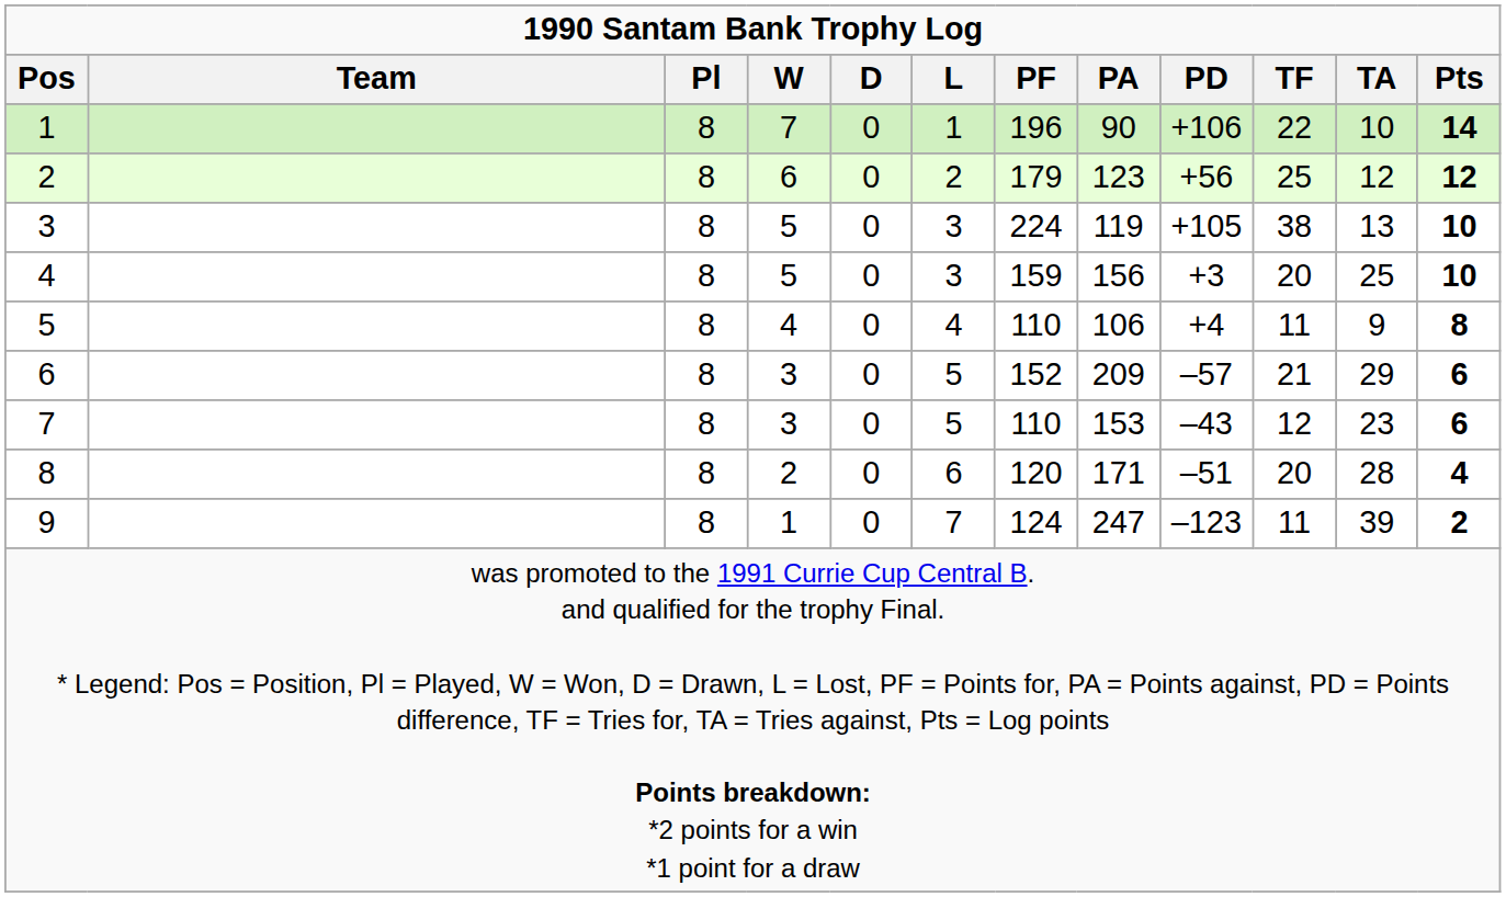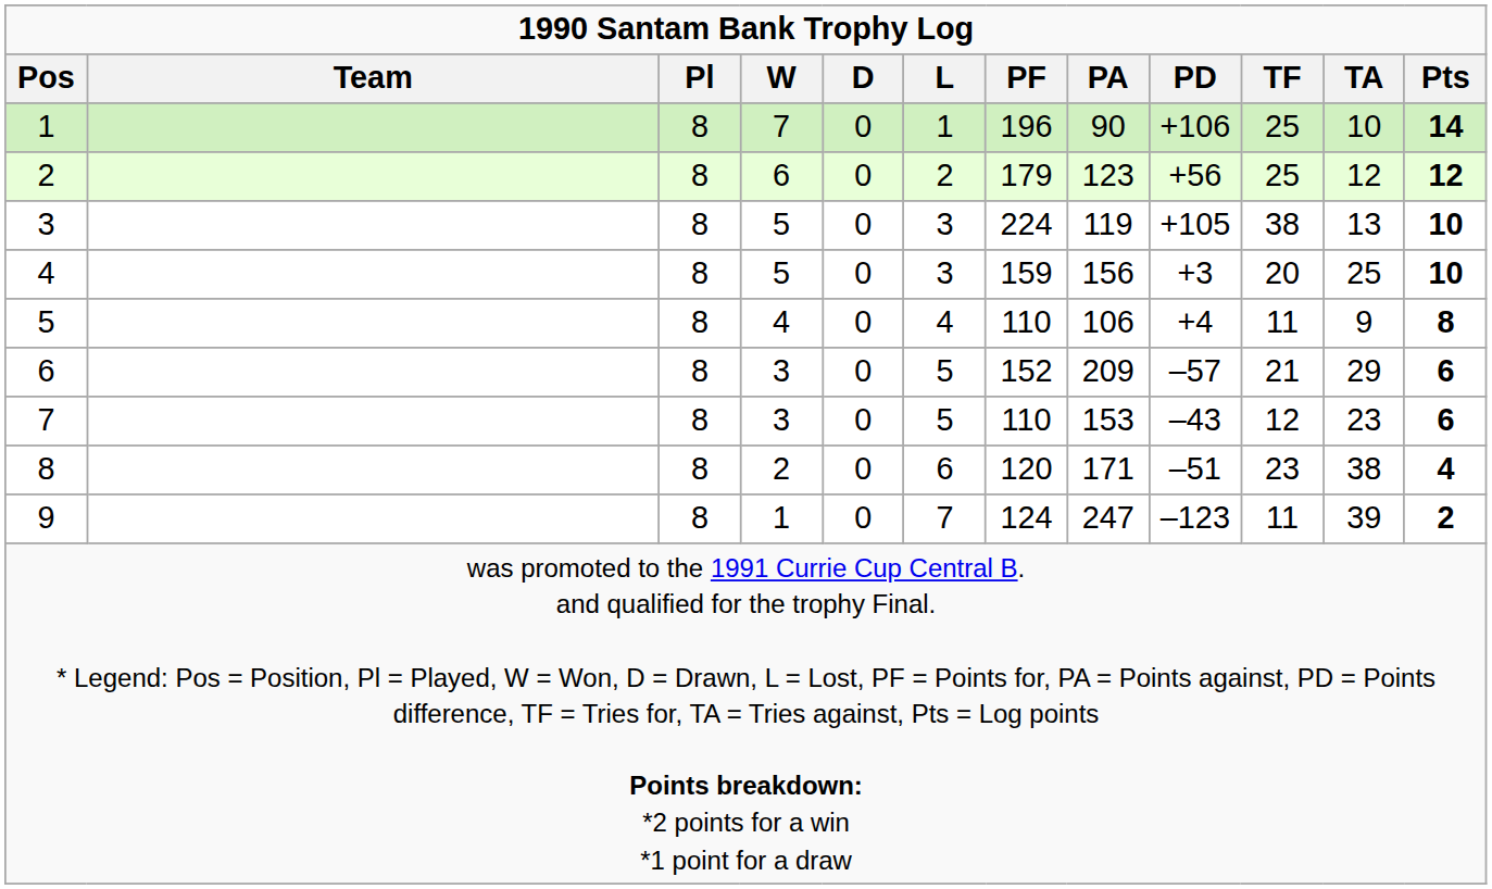 <table class="wikitable" style="text-align:center; line-height:110%; font-size:100%; width:60%;">
 <tr>
 <td colspan="12" cellpadding="0" cellspacing="0"><strong>1990 Santam Bank Trophy Log</strong></td>
 </tr>
 <tr>
 <th style="width:5%;">Pos</th>
 <th style="width:35%;">Team</th>
 <th style="width:5%;">Pl</th>
 <th style="width:5%;">W</th>
 <th style="width:5%;">D</th>
 <th style="width:5%;">L</th>
 <th style="width:5%;">PF</th>
 <th style="width:5%;">PA</th>
 <th style="width:5%;">PD</th>
 <th style="width:5%;">TF</th>
 <th style="width:5%;">TA</th>
 <th style="width:5%;">Pts<br></th>
 </tr>
 <tr bgcolor=#D0F0C0 align=center>
 <td>1</td>
 <td align=left></td>
 <td>8</td>
 <td>7</td>
 <td>0</td>
 <td>1</td>
 <td>196</td>
 <td>90</td>
 <td>+106</td>
-<td>22</td>
+<td>25</td>
 <td>10</td>
 <td><strong>14</strong></td>
 </tr>
 <tr bgcolor=#E8FFD8 align=center>
 <td>2</td>
 <td align=left></td>
 <td>8</td>
 <td>6</td>
 <td>0</td>
 <td>2</td>
 <td>179</td>
 <td>123</td>
 <td>+56</td>
 <td>25</td>
 <td>12</td>
 <td><strong>12</strong></td>
 </tr>
 <tr bgcolor=#FFFFFF align=center>
 <td>3</td>
 <td align=left></td>
 <td>8</td>
 <td>5</td>
 <td>0</td>
 <td>3</td>
 <td>224</td>
 <td>119</td>
 <td>+105</td>
 <td>38</td>
 <td>13</td>
 <td><strong>10</strong></td>
 </tr>
 <tr bgcolor=#FFFFFF align=center>
 <td>4</td>
 <td align=left></td>
 <td>8</td>
 <td>5</td>
 <td>0</td>
 <td>3</td>
 <td>159</td>
 <td>156</td>
 <td>+3</td>
 <td>20</td>
 <td>25</td>
 <td><strong>10</strong></td>
 </tr>
 <tr bgcolor=#FFFFFF align=center>
 <td>5</td>
 <td align=left></td>
 <td>8</td>
 <td>4</td>
 <td>0</td>
 <td>4</td>
 <td>110</td>
 <td>106</td>
 <td>+4</td>
 <td>11</td>
 <td>9</td>
 <td><strong>8</strong></td>
 </tr>
 <tr bgcolor=#FFFFFF align=center>
 <td>6</td>
 <td align=left></td>
 <td>8</td>
 <td>3</td>
 <td>0</td>
 <td>5</td>
 <td>152</td>
 <td>209</td>
 <td>–57</td>
 <td>21</td>
 <td>29</td>
 <td><strong>6</strong></td>
 </tr>
 <tr bgcolor=#FFFFFF align=center>
 <td>7</td>
 <td align=left></td>
 <td>8</td>
 <td>3</td>
 <td>0</td>
 <td>5</td>
 <td>110</td>
 <td>153</td>
 <td>–43</td>
 <td>12</td>
 <td>23</td>
 <td><strong>6</strong></td>
 </tr>
 <tr bgcolor=#FFFFFF align=center>
 <td>8</td>
 <td align=left></td>
 <td>8</td>
 <td>2</td>
 <td>0</td>
 <td>6</td>
 <td>120</td>
 <td>171</td>
 <td>–51</td>
-<td>20</td>
-<td>28</td>
+<td>23</td>
+<td>38</td>
 <td><strong>4</strong></td>
 </tr>
 <tr bgcolor=#FFFFFF align=center>
 <td>9</td>
 <td align=left></td>
 <td>8</td>
 <td>1</td>
 <td>0</td>
 <td>7</td>
 <td>124</td>
 <td>247</td>
 <td>–123</td>
 <td>11</td>
 <td>39</td>
 <td><strong>2</strong></td>
 </tr>
 <tr>
 <td colspan="12" style="border:0px"><small> was promoted to the <a href='#'>1991 Currie Cup Central B</a>.<br> and  qualified for the trophy Final.<br><br>* Legend: Pos = Position, Pl = Played, W = Won, D = Drawn, L = Lost, PF = Points for, PA = Points against, PD = Points difference, TF = Tries for, TA = Tries against, Pts = Log points<br><br><strong>Points breakdown:</strong><br>*2 points for a win<br>*1 point for a draw</small></td>
 </tr>
 </table>
